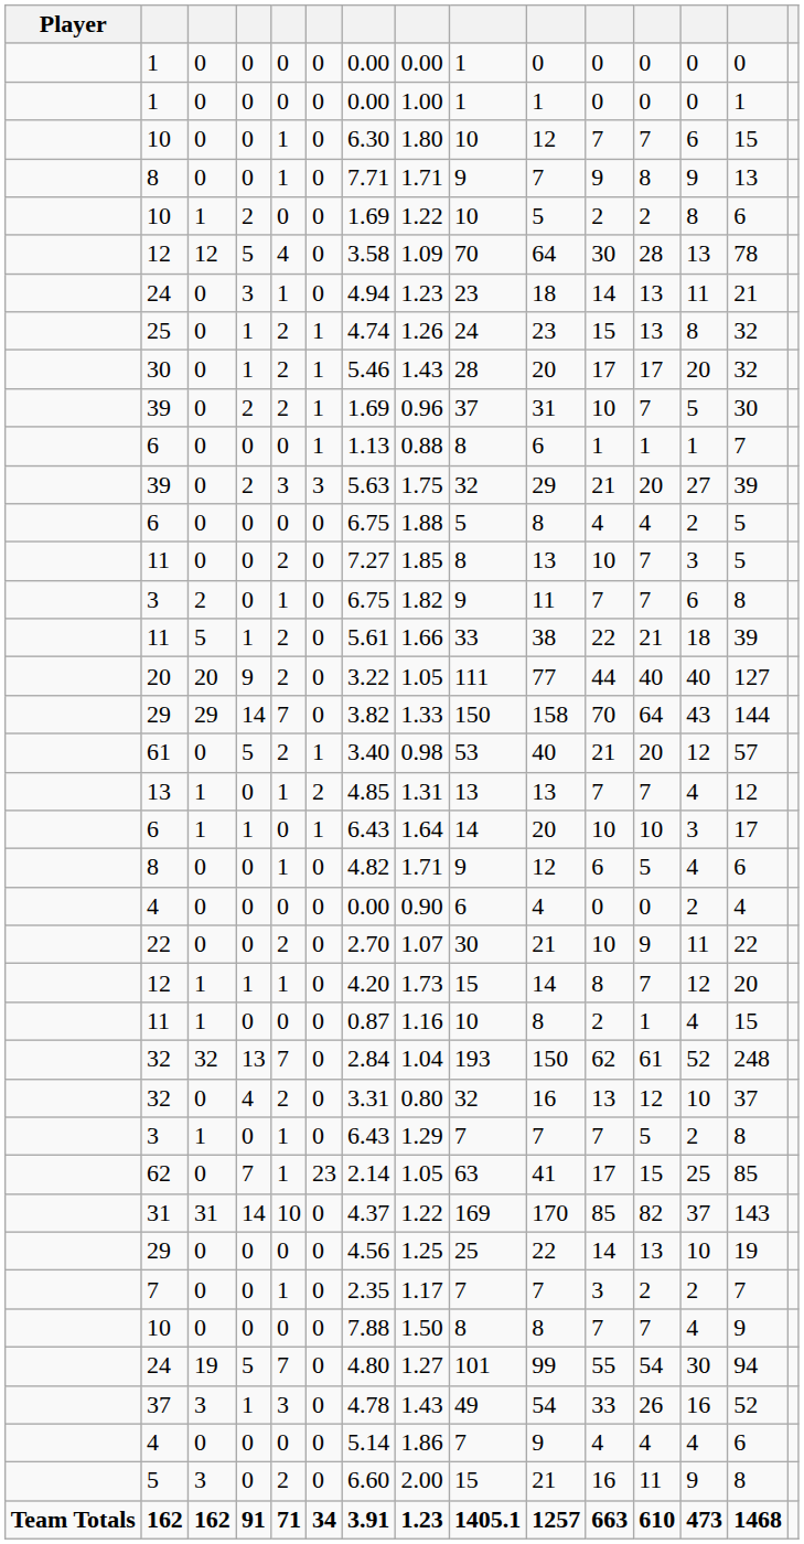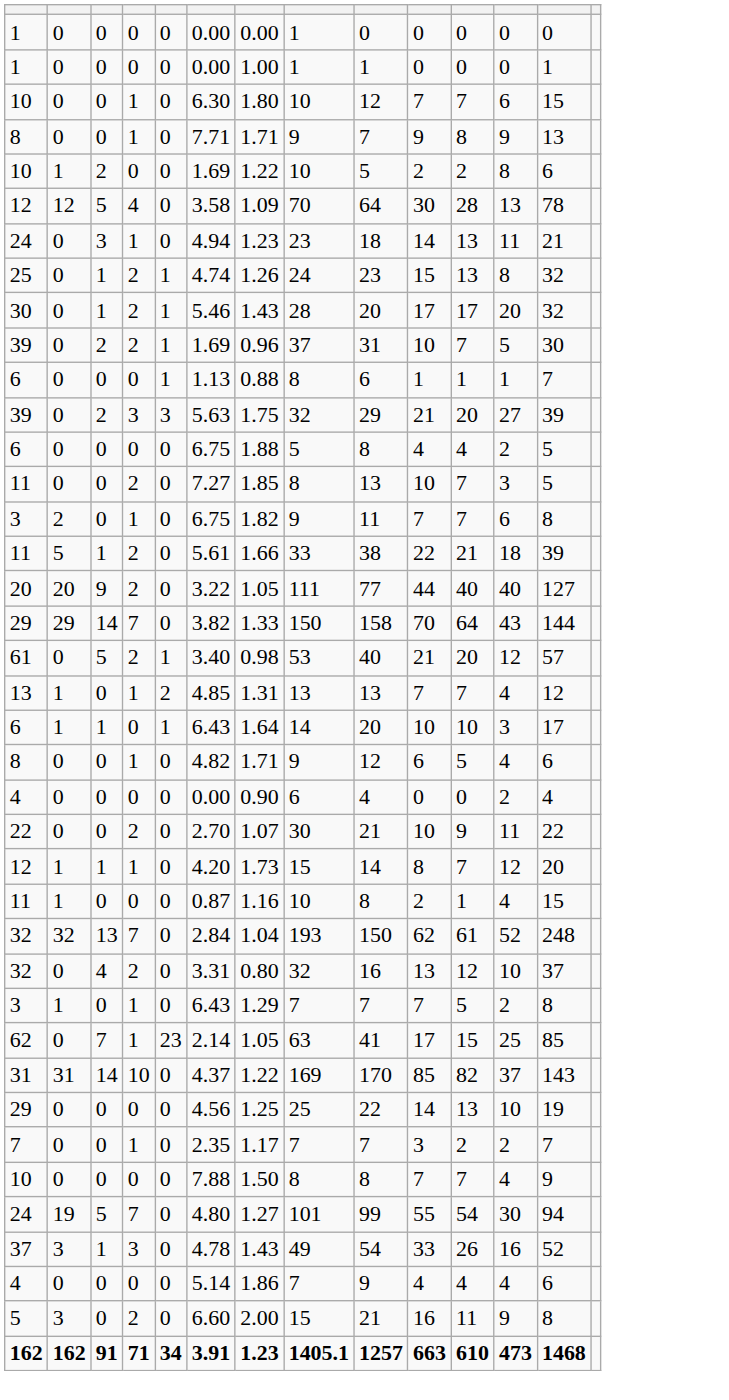 <table class="wikitable sortable">
 <tr>
-<th>Player</th>
 <th></th>
 <th></th>
 <th></th>
 <th></th>
 <th></th>
 <th></th>
 <th></th>
 <th></th>
 <th></th>
 <th></th>
 <th></th>
 <th></th>
 <th></th>
 <th></th>
 </tr>
 <tr align=left>
-<td></td>
 <td>1</td>
 <td>0</td>
 <td>0</td>
 <td>0</td>
 <td>0</td>
 <td>0.00</td>
 <td>0.00</td>
 <td>1</td>
 <td>0</td>
 <td>0</td>
 <td>0</td>
 <td>0</td>
 <td>0</td>
 <td></td>
 </tr>
 <tr align=left>
-<td></td>
 <td>1</td>
 <td>0</td>
 <td>0</td>
 <td>0</td>
 <td>0</td>
 <td>0.00</td>
 <td>1.00</td>
 <td>1</td>
 <td>1</td>
 <td>0</td>
 <td>0</td>
 <td>0</td>
 <td>1</td>
 <td></td>
 </tr>
 <tr align=left>
-<td></td>
 <td>10</td>
 <td>0</td>
 <td>0</td>
 <td>1</td>
 <td>0</td>
 <td>6.30</td>
 <td>1.80</td>
 <td>10</td>
 <td>12</td>
 <td>7</td>
 <td>7</td>
 <td>6</td>
 <td>15</td>
 <td></td>
 </tr>
 <tr align=left>
-<td></td>
 <td>8</td>
 <td>0</td>
 <td>0</td>
 <td>1</td>
 <td>0</td>
 <td>7.71</td>
 <td>1.71</td>
 <td>9</td>
 <td>7</td>
 <td>9</td>
 <td>8</td>
 <td>9</td>
 <td>13</td>
 <td></td>
 </tr>
 <tr align=left>
-<td></td>
 <td>10</td>
 <td>1</td>
 <td>2</td>
 <td>0</td>
 <td>0</td>
 <td>1.69</td>
 <td>1.22</td>
 <td>10</td>
 <td>5</td>
 <td>2</td>
 <td>2</td>
 <td>8</td>
 <td>6</td>
 <td></td>
 </tr>
 <tr align=left>
-<td></td>
 <td>12</td>
 <td>12</td>
 <td>5</td>
 <td>4</td>
 <td>0</td>
 <td>3.58</td>
 <td>1.09</td>
 <td>70</td>
 <td>64</td>
 <td>30</td>
 <td>28</td>
 <td>13</td>
 <td>78</td>
 <td></td>
 </tr>
 <tr align=left>
-<td></td>
 <td>24</td>
 <td>0</td>
 <td>3</td>
 <td>1</td>
 <td>0</td>
 <td>4.94</td>
 <td>1.23</td>
 <td>23</td>
 <td>18</td>
 <td>14</td>
 <td>13</td>
 <td>11</td>
 <td>21</td>
 <td></td>
 </tr>
 <tr align=left>
-<td></td>
 <td>25</td>
 <td>0</td>
 <td>1</td>
 <td>2</td>
 <td>1</td>
 <td>4.74</td>
 <td>1.26</td>
 <td>24</td>
 <td>23</td>
 <td>15</td>
 <td>13</td>
 <td>8</td>
 <td>32</td>
 <td></td>
 </tr>
 <tr align=left>
-<td></td>
 <td>30</td>
 <td>0</td>
 <td>1</td>
 <td>2</td>
 <td>1</td>
 <td>5.46</td>
 <td>1.43</td>
 <td>28</td>
 <td>20</td>
 <td>17</td>
 <td>17</td>
 <td>20</td>
 <td>32</td>
 <td></td>
 </tr>
 <tr align=left>
-<td></td>
 <td>39</td>
 <td>0</td>
 <td>2</td>
 <td>2</td>
 <td>1</td>
 <td>1.69</td>
 <td>0.96</td>
 <td>37</td>
 <td>31</td>
 <td>10</td>
 <td>7</td>
 <td>5</td>
 <td>30</td>
 <td></td>
 </tr>
 <tr align=left>
-<td></td>
 <td>6</td>
 <td>0</td>
 <td>0</td>
 <td>0</td>
 <td>1</td>
 <td>1.13</td>
 <td>0.88</td>
 <td>8</td>
 <td>6</td>
 <td>1</td>
 <td>1</td>
 <td>1</td>
 <td>7</td>
 <td></td>
 </tr>
 <tr align=left>
-<td></td>
 <td>39</td>
 <td>0</td>
 <td>2</td>
 <td>3</td>
 <td>3</td>
 <td>5.63</td>
 <td>1.75</td>
 <td>32</td>
 <td>29</td>
 <td>21</td>
 <td>20</td>
 <td>27</td>
 <td>39</td>
 <td></td>
 </tr>
 <tr align=left>
-<td></td>
 <td>6</td>
 <td>0</td>
 <td>0</td>
 <td>0</td>
 <td>0</td>
 <td>6.75</td>
 <td>1.88</td>
 <td>5</td>
 <td>8</td>
 <td>4</td>
 <td>4</td>
 <td>2</td>
 <td>5</td>
 <td></td>
 </tr>
 <tr align=left>
-<td></td>
 <td>11</td>
 <td>0</td>
 <td>0</td>
 <td>2</td>
 <td>0</td>
 <td>7.27</td>
 <td>1.85</td>
 <td>8</td>
 <td>13</td>
 <td>10</td>
 <td>7</td>
 <td>3</td>
 <td>5</td>
 <td></td>
 </tr>
 <tr align=left>
-<td></td>
 <td>3</td>
 <td>2</td>
 <td>0</td>
 <td>1</td>
 <td>0</td>
 <td>6.75</td>
 <td>1.82</td>
 <td>9</td>
 <td>11</td>
 <td>7</td>
 <td>7</td>
 <td>6</td>
 <td>8</td>
 <td></td>
 </tr>
 <tr align=left>
-<td></td>
 <td>11</td>
 <td>5</td>
 <td>1</td>
 <td>2</td>
 <td>0</td>
 <td>5.61</td>
 <td>1.66</td>
 <td>33</td>
 <td>38</td>
 <td>22</td>
 <td>21</td>
 <td>18</td>
 <td>39</td>
 <td></td>
 </tr>
 <tr align=left>
-<td></td>
 <td>20</td>
 <td>20</td>
 <td>9</td>
 <td>2</td>
 <td>0</td>
 <td>3.22</td>
 <td>1.05</td>
 <td>111</td>
 <td>77</td>
 <td>44</td>
 <td>40</td>
 <td>40</td>
 <td>127</td>
 <td></td>
 </tr>
 <tr align=left>
-<td></td>
 <td>29</td>
 <td>29</td>
 <td>14</td>
 <td>7</td>
 <td>0</td>
 <td>3.82</td>
 <td>1.33</td>
 <td>150</td>
 <td>158</td>
 <td>70</td>
 <td>64</td>
 <td>43</td>
 <td>144</td>
 <td></td>
 </tr>
 <tr align=left>
-<td></td>
 <td>61</td>
 <td>0</td>
 <td>5</td>
 <td>2</td>
 <td>1</td>
 <td>3.40</td>
 <td>0.98</td>
 <td>53</td>
 <td>40</td>
 <td>21</td>
 <td>20</td>
 <td>12</td>
 <td>57</td>
 <td></td>
 </tr>
 <tr align=left>
-<td></td>
 <td>13</td>
 <td>1</td>
 <td>0</td>
 <td>1</td>
 <td>2</td>
 <td>4.85</td>
 <td>1.31</td>
 <td>13</td>
 <td>13</td>
 <td>7</td>
 <td>7</td>
 <td>4</td>
 <td>12</td>
 <td></td>
 </tr>
 <tr align=left>
-<td></td>
 <td>6</td>
 <td>1</td>
 <td>1</td>
 <td>0</td>
 <td>1</td>
 <td>6.43</td>
 <td>1.64</td>
 <td>14</td>
 <td>20</td>
 <td>10</td>
 <td>10</td>
 <td>3</td>
 <td>17</td>
 <td></td>
 </tr>
 <tr align=left>
-<td></td>
 <td>8</td>
 <td>0</td>
 <td>0</td>
 <td>1</td>
 <td>0</td>
 <td>4.82</td>
 <td>1.71</td>
 <td>9</td>
 <td>12</td>
 <td>6</td>
 <td>5</td>
 <td>4</td>
 <td>6</td>
 <td></td>
 </tr>
 <tr align=left>
-<td></td>
 <td>4</td>
 <td>0</td>
 <td>0</td>
 <td>0</td>
 <td>0</td>
 <td>0.00</td>
 <td>0.90</td>
 <td>6</td>
 <td>4</td>
 <td>0</td>
 <td>0</td>
 <td>2</td>
 <td>4</td>
 <td></td>
 </tr>
 <tr align=left>
-<td></td>
 <td>22</td>
 <td>0</td>
 <td>0</td>
 <td>2</td>
 <td>0</td>
 <td>2.70</td>
 <td>1.07</td>
 <td>30</td>
 <td>21</td>
 <td>10</td>
 <td>9</td>
 <td>11</td>
 <td>22</td>
 <td></td>
 </tr>
 <tr align=left>
-<td></td>
 <td>12</td>
 <td>1</td>
 <td>1</td>
 <td>1</td>
 <td>0</td>
 <td>4.20</td>
 <td>1.73</td>
 <td>15</td>
 <td>14</td>
 <td>8</td>
 <td>7</td>
 <td>12</td>
 <td>20</td>
 <td></td>
 </tr>
 <tr align=left>
-<td></td>
 <td>11</td>
 <td>1</td>
 <td>0</td>
 <td>0</td>
 <td>0</td>
 <td>0.87</td>
 <td>1.16</td>
 <td>10</td>
 <td>8</td>
 <td>2</td>
 <td>1</td>
 <td>4</td>
 <td>15</td>
 <td></td>
 </tr>
 <tr align=left>
-<td></td>
 <td>32</td>
 <td>32</td>
 <td>13</td>
 <td>7</td>
 <td>0</td>
 <td>2.84</td>
 <td>1.04</td>
 <td>193</td>
 <td>150</td>
 <td>62</td>
 <td>61</td>
 <td>52</td>
 <td>248</td>
 <td></td>
 </tr>
 <tr align=left>
-<td></td>
 <td>32</td>
 <td>0</td>
 <td>4</td>
 <td>2</td>
 <td>0</td>
 <td>3.31</td>
 <td>0.80</td>
 <td>32</td>
 <td>16</td>
 <td>13</td>
 <td>12</td>
 <td>10</td>
 <td>37</td>
 <td></td>
 </tr>
 <tr align=left>
-<td></td>
 <td>3</td>
 <td>1</td>
 <td>0</td>
 <td>1</td>
 <td>0</td>
 <td>6.43</td>
 <td>1.29</td>
 <td>7</td>
 <td>7</td>
 <td>7</td>
 <td>5</td>
 <td>2</td>
 <td>8</td>
 <td></td>
 </tr>
 <tr align=left>
-<td></td>
 <td>62</td>
 <td>0</td>
 <td>7</td>
 <td>1</td>
 <td>23</td>
 <td>2.14</td>
 <td>1.05</td>
 <td>63</td>
 <td>41</td>
 <td>17</td>
 <td>15</td>
 <td>25</td>
 <td>85</td>
 <td></td>
 </tr>
 <tr align=left>
-<td></td>
 <td>31</td>
 <td>31</td>
 <td>14</td>
 <td>10</td>
 <td>0</td>
 <td>4.37</td>
 <td>1.22</td>
 <td>169</td>
 <td>170</td>
 <td>85</td>
 <td>82</td>
 <td>37</td>
 <td>143</td>
 <td></td>
 </tr>
 <tr align=left>
-<td></td>
 <td>29</td>
 <td>0</td>
 <td>0</td>
 <td>0</td>
 <td>0</td>
 <td>4.56</td>
 <td>1.25</td>
 <td>25</td>
 <td>22</td>
 <td>14</td>
 <td>13</td>
 <td>10</td>
 <td>19</td>
 <td></td>
 </tr>
 <tr align=left>
-<td></td>
 <td>7</td>
 <td>0</td>
 <td>0</td>
 <td>1</td>
 <td>0</td>
 <td>2.35</td>
 <td>1.17</td>
 <td>7</td>
 <td>7</td>
 <td>3</td>
 <td>2</td>
 <td>2</td>
 <td>7</td>
 <td></td>
 </tr>
 <tr align=left>
-<td></td>
 <td>10</td>
 <td>0</td>
 <td>0</td>
 <td>0</td>
 <td>0</td>
 <td>7.88</td>
 <td>1.50</td>
 <td>8</td>
 <td>8</td>
 <td>7</td>
 <td>7</td>
 <td>4</td>
 <td>9</td>
 <td></td>
 </tr>
 <tr align=left>
-<td></td>
 <td>24</td>
 <td>19</td>
 <td>5</td>
 <td>7</td>
 <td>0</td>
 <td>4.80</td>
 <td>1.27</td>
 <td>101</td>
 <td>99</td>
 <td>55</td>
 <td>54</td>
 <td>30</td>
 <td>94</td>
 <td></td>
 </tr>
 <tr align=left>
-<td></td>
 <td>37</td>
 <td>3</td>
 <td>1</td>
 <td>3</td>
 <td>0</td>
 <td>4.78</td>
 <td>1.43</td>
 <td>49</td>
 <td>54</td>
 <td>33</td>
 <td>26</td>
 <td>16</td>
 <td>52</td>
 <td></td>
 </tr>
 <tr align=left>
-<td></td>
 <td>4</td>
 <td>0</td>
 <td>0</td>
 <td>0</td>
 <td>0</td>
 <td>5.14</td>
 <td>1.86</td>
 <td>7</td>
 <td>9</td>
 <td>4</td>
 <td>4</td>
 <td>4</td>
 <td>6</td>
 <td></td>
 </tr>
 <tr align=left>
-<td></td>
 <td>5</td>
 <td>3</td>
 <td>0</td>
 <td>2</td>
 <td>0</td>
 <td>6.60</td>
 <td>2.00</td>
 <td>15</td>
 <td>21</td>
 <td>16</td>
 <td>11</td>
 <td>9</td>
 <td>8</td>
 <td></td>
 </tr>
 <tr align=left>
-<td><strong>Team Totals</strong></td>
 <td><strong>162</strong></td>
 <td><strong>162</strong></td>
 <td><strong>91</strong></td>
 <td><strong>71</strong></td>
 <td><strong>34</strong></td>
 <td><strong>3.91</strong></td>
 <td><strong>1.23</strong></td>
 <td><strong>1405.1</strong></td>
 <td><strong>1257</strong></td>
 <td><strong>663</strong></td>
 <td><strong>610</strong></td>
 <td><strong>473</strong></td>
 <td><strong>1468</strong></td>
 <td></td>
 </tr>
 </table>
